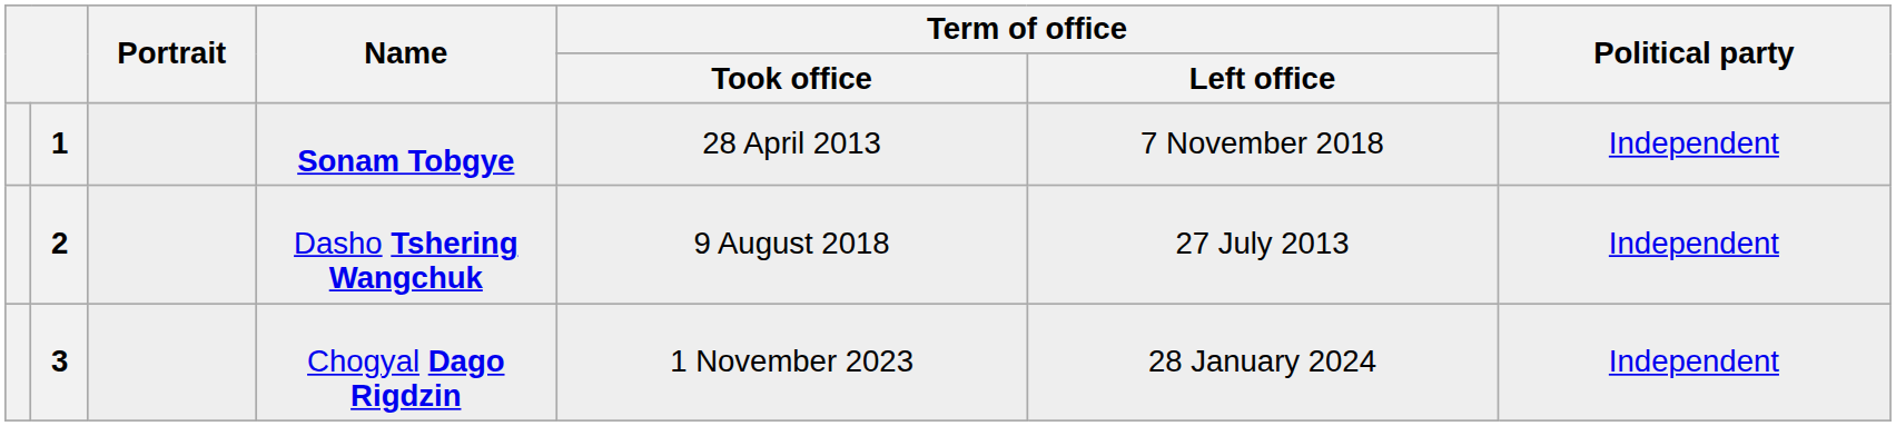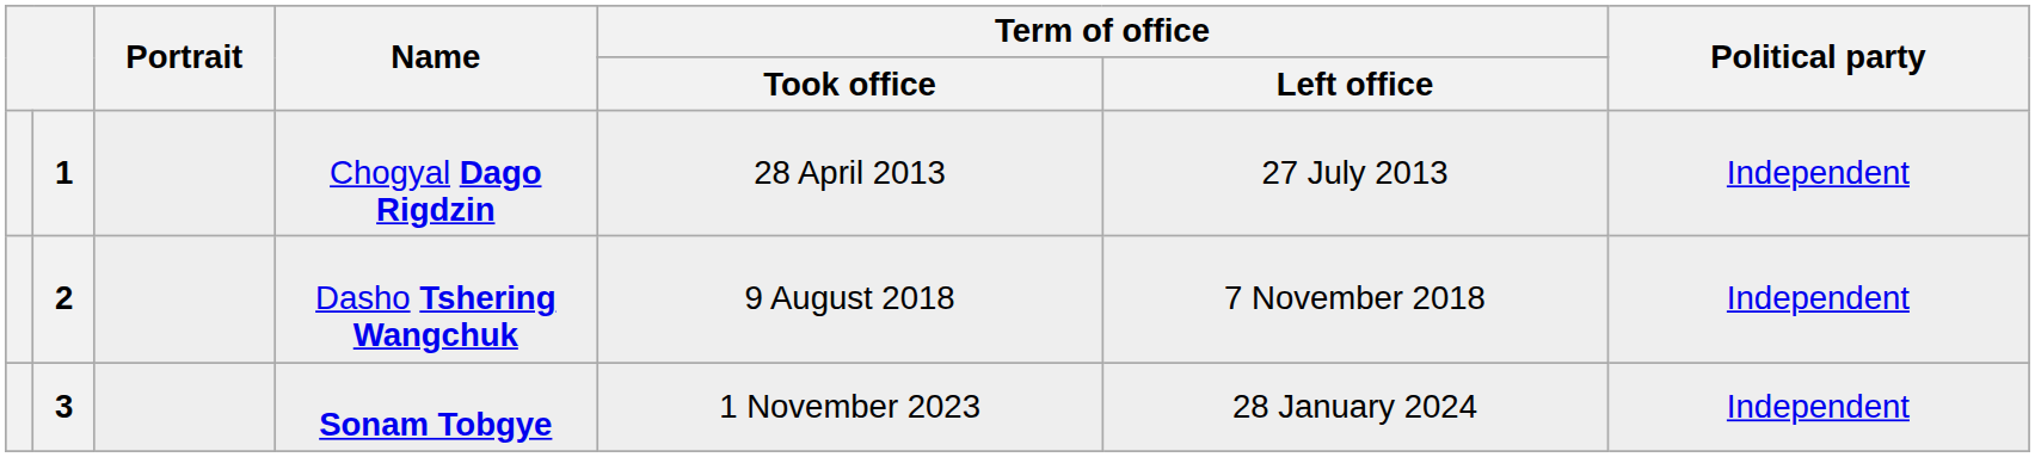 <table class="wikitable" style="text-align:center; border:1px #aaf solid; width:78%;">
 <tr>
 <th rowspan="2" colspan="2"></th>
 <th rowspan="2" style="width:80px;">Portrait</th>
 <th rowspan="2" style="width:150px;">Name<br></th>
 <th colspan="2">Term of office</th>
 <th rowspan="2">Political party</th>
 </tr>
 <tr>
 <th>Took office</th>
 <th>Left office</th>
 </tr>
 <tr style="background:#EEEEEE">
 <th style="background:"></th>
 <th>1</th>
 <td></td>
-<td><br><strong><a href='#'>Sonam Tobgye</a></strong><br></td>
+<td><br><a href='#'>Chogyal</a> <strong><a href='#'>Dago Rigdzin</a></strong><br></td>
 <td>28 April 2013</td>
-<td>7 November 2018</td>
+<td>27 July 2013</td>
 <td><a href='#'>Independent</a></td>
 </tr>
 <tr style="background:#EEEEEE">
 <th style="background:"></th>
 <th>2</th>
 <td></td>
 <td><br><a href='#'>Dasho</a> <strong><a href='#'>Tshering Wangchuk</a></strong><br></td>
 <td>9 August 2018</td>
-<td>27 July 2013</td>
+<td>7 November 2018</td>
 <td><a href='#'>Independent</a></td>
 </tr>
 <tr style="background:#EEEEEE">
 <th style="background:"></th>
 <th>3</th>
 <td></td>
-<td><br><a href='#'>Chogyal</a> <strong><a href='#'>Dago Rigdzin</a></strong><br></td>
+<td><br><strong><a href='#'>Sonam Tobgye</a></strong><br></td>
 <td>1 November 2023</td>
 <td>28 January 2024</td>
 <td><a href='#'>Independent</a></td>
 </tr>
 </table>
